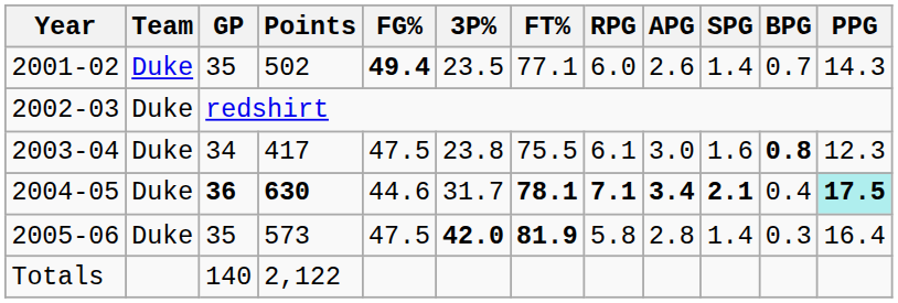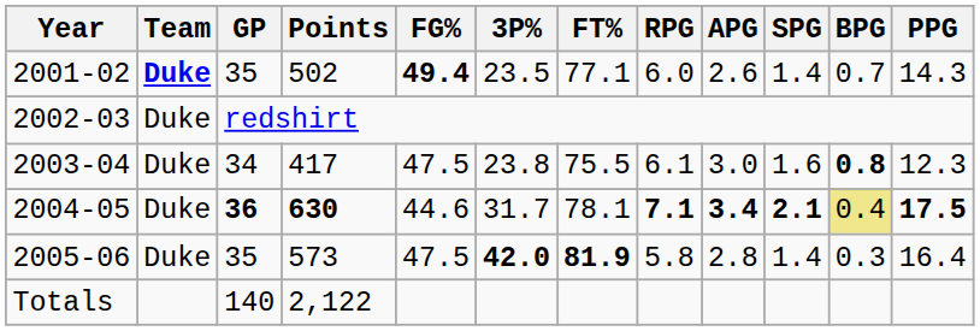 <table class="wikitable">
 <tr>
 <th>Year</th>
 <th>Team</th>
 <th>GP</th>
 <th>Points</th>
 <th>FG%</th>
 <th>3P%</th>
 <th>FT%</th>
 <th>RPG</th>
 <th>APG</th>
 <th>SPG</th>
 <th>BPG</th>
 <th>PPG</th>
 </tr>
 <tr>
 <td>2001-02</td>
-<td><a href='#'>Duke</a></td>
+<td><strong><a href='#'>Duke</a></strong></td>
 <td>35</td>
 <td>502</td>
 <td><strong>49.4</strong></td>
 <td>23.5</td>
 <td>77.1</td>
 <td>6.0</td>
 <td>2.6</td>
 <td>1.4</td>
 <td>0.7</td>
 <td>14.3</td>
 </tr>
 <tr>
 <td>2002-03</td>
 <td>Duke</td>
 <td colspan="10"><a href='#'>redshirt</a></td>
 </tr>
 <tr>
 <td>2003-04</td>
 <td>Duke</td>
 <td>34</td>
 <td>417</td>
 <td>47.5</td>
 <td>23.8</td>
 <td>75.5</td>
 <td>6.1</td>
 <td>3.0</td>
 <td>1.6</td>
 <td><strong>0.8</strong></td>
 <td>12.3</td>
 </tr>
 <tr>
 <td>2004-05</td>
 <td>Duke</td>
 <td><strong>36</strong></td>
 <td><strong>630</strong></td>
 <td>44.6</td>
 <td>31.7</td>
-<td><strong>78.1</strong></td>
+<td>78.1</td>
 <td><strong>7.1</strong></td>
 <td><strong>3.4</strong></td>
 <td><strong>2.1</strong></td>
-<td>0.4</td>
-<td style="background: paleturquoise;"><strong>17.5</strong></td>
+<td style="background: khaki;">0.4</td>
+<td><strong>17.5</strong></td>
 </tr>
 <tr>
 <td>2005-06</td>
 <td>Duke</td>
 <td>35</td>
 <td>573</td>
 <td>47.5</td>
 <td><strong>42.0</strong></td>
 <td><strong>81.9</strong></td>
 <td>5.8</td>
 <td>2.8</td>
 <td>1.4</td>
 <td>0.3</td>
 <td>16.4</td>
 </tr>
 <tr>
 <td>Totals</td>
 <td></td>
 <td>140</td>
 <td>2,122</td>
 <td></td>
 <td></td>
 <td></td>
 <td></td>
 <td></td>
 <td></td>
 <td></td>
 <td></td>
 </tr>
 </table>
